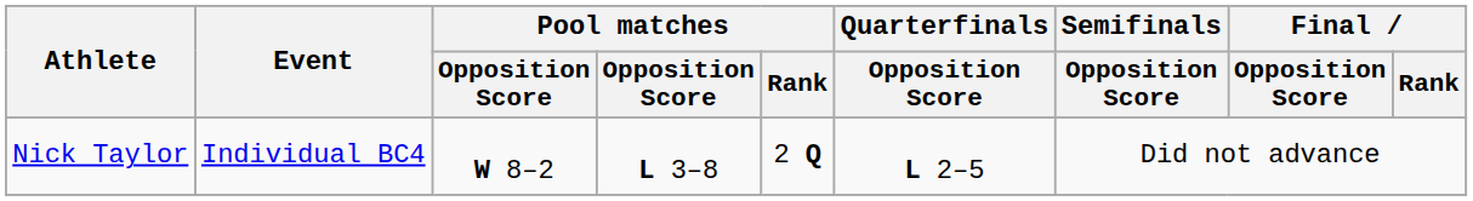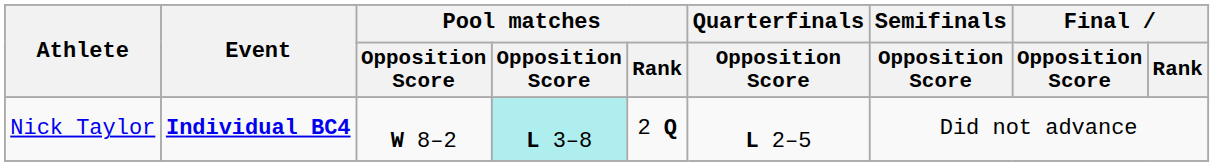 <table class=wikitable style="font-size:90%">
 <tr>
 <th rowspan="2">Athlete</th>
 <th rowspan="2">Event</th>
 <th colspan="3">Pool matches</th>
 <th>Quarterfinals</th>
 <th>Semifinals</th>
 <th colspan=2>Final / </th>
 </tr>
 <tr style="font-size:95%">
 <th>Opposition<br>Score</th>
 <th>Opposition<br>Score</th>
 <th>Rank</th>
 <th>Opposition<br>Score</th>
 <th>Opposition<br>Score</th>
 <th>Opposition<br>Score</th>
 <th>Rank</th>
 </tr>
 <tr align=center>
 <td align=left><a href='#'>Nick Taylor</a></td>
-<td align=left><a href='#'>Individual BC4</a></td>
+<td align=left><strong><a href='#'>Individual BC4</a></strong></td>
 <td><br><strong>W</strong> 8–2</td>
-<td><br><strong>L</strong> 3–8</td>
+<td style="background: paleturquoise;"><br><strong>L</strong> 3–8</td>
 <td>2 <strong>Q</strong></td>
 <td><br><strong>L</strong> 2–5</td>
 <td colspan=3>Did not advance</td>
 </tr>
 </table>
